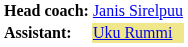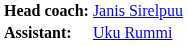 <table>
 <tr>
 <td><strong>Head coach:</strong></td>
 <td>  <a href='#'>Janis Sirelpuu</a></td>
 </tr>
 <tr>
 <td><strong>Assistant:</strong></td>
-<td style="background: khaki;"> <a href='#'>Uku Rummi</a></td>
+<td> <a href='#'>Uku Rummi</a></td>
 </tr>
 </table>
